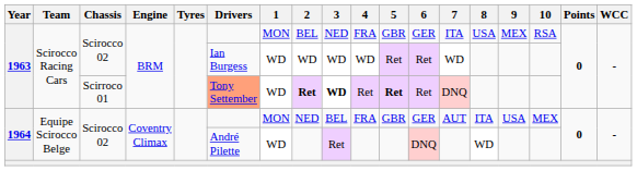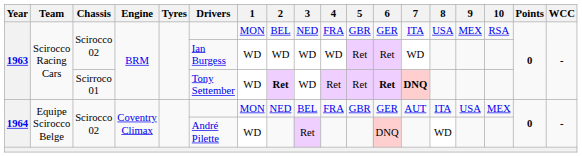 <table class="wikitable" border="1" style="text-align:center; font-size:95%;">
 <tr>
 <th>Year</th>
 <th>Team</th>
 <th>Chassis</th>
 <th>Engine</th>
 <th>Tyres</th>
 <th>Drivers</th>
 <th>1</th>
 <th>2</th>
 <th>3</th>
 <th>4</th>
 <th>5</th>
 <th>6</th>
 <th>7</th>
 <th>8</th>
 <th>9</th>
 <th>10</th>
 <th>Points</th>
 <th>WCC</th>
 </tr>
 <tr>
 <th rowspan="3"><a href='#'>1963</a></th>
 <td rowspan="3">Scirocco Racing Cars</td>
 <td rowspan="2">Scirocco 02</td>
 <td rowspan="3"><a href='#'>BRM</a></td>
 <td rowspan="3"></td>
 <td></td>
 <td><a href='#'>MON</a></td>
 <td><a href='#'>BEL</a></td>
 <td><a href='#'>NED</a></td>
 <td><a href='#'>FRA</a></td>
 <td><a href='#'>GBR</a></td>
 <td><a href='#'>GER</a></td>
 <td><a href='#'>ITA</a></td>
 <td><a href='#'>USA</a></td>
 <td><a href='#'>MEX</a></td>
 <td><a href='#'>RSA</a></td>
 <td rowspan="3"><strong>0</strong></td>
 <td rowspan="3"><strong>-</strong></td>
 </tr>
 <tr>
 <td align="left"> <a href='#'>Ian Burgess</a></td>
 <td style="background:#FFFFFF;">WD</td>
 <td style="background:#FFFFFF;">WD</td>
 <td style="background:#FFFFFF;">WD</td>
 <td style="background:#FFFFFF;">WD</td>
 <td style="background:#EFCFFF;">Ret</td>
 <td style="background:#EFCFFF;">Ret</td>
 <td style="background:#FFFFFF;">WD</td>
 <td></td>
 <td></td>
 <td></td>
 </tr>
 <tr>
 <td>Scirroco 01</td>
-<td align="left" style="background: lightsalmon;"> <a href='#'>Tony Settember</a></td>
+<td align="left"> <a href='#'>Tony Settember</a></td>
 <td style="background:#FFFFFF;">WD</td>
 <td style="background:#EFCFFF;"><strong>Ret</strong></td>
-<td style="background:#FFFFFF;"><strong>WD</strong></td>
+<td style="background:#FFFFFF;">WD</td>
+<td style="background:#EFCFFF;">Ret</td>
 <td style="background:#EFCFFF;">Ret</td>
 <td style="background:#EFCFFF;"><strong>Ret</strong></td>
-<td style="background:#EFCFFF;">Ret</td>
-<td style="background:#FFCFCF;">DNQ</td>
+<td style="background:#FFCFCF;"><strong>DNQ</strong></td>
 <td></td>
 <td></td>
 <td></td>
 </tr>
 <tr>
 <th rowspan="2"><a href='#'>1964</a></th>
 <td rowspan="2">Equipe Scirocco Belge</td>
 <td rowspan="2">Scirocco 02</td>
 <td rowspan="2"><a href='#'>Coventry Climax</a></td>
 <td rowspan="2"></td>
 <td></td>
 <td><a href='#'>MON</a></td>
 <td><a href='#'>NED</a></td>
 <td><a href='#'>BEL</a></td>
 <td><a href='#'>FRA</a></td>
 <td><a href='#'>GBR</a></td>
 <td><a href='#'>GER</a></td>
 <td><a href='#'>AUT</a></td>
 <td><a href='#'>ITA</a></td>
 <td><a href='#'>USA</a></td>
 <td><a href='#'>MEX</a></td>
 <td rowspan="2"><strong>0</strong></td>
 <td rowspan="2"><strong>-</strong></td>
 </tr>
 <tr>
 <td align="left"> <a href='#'>André Pilette</a></td>
 <td style="background:#FFFFFF;">WD</td>
 <td></td>
 <td style="background:#EFCFFF;">Ret</td>
 <td></td>
 <td></td>
 <td style="background:#FFCFCF;">DNQ</td>
 <td></td>
 <td style="background:#FFFFFF;">WD</td>
 <td></td>
 <td></td>
 </tr>
 <tr>
 <th colspan="18"></th>
 </tr>
 </table>
